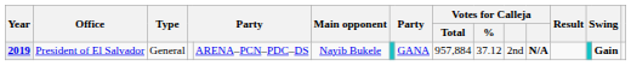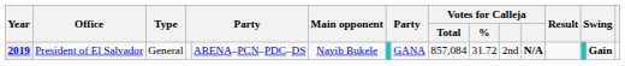 <table class="wikitable" style="font-size:90%; text-align:center;">
 <tr>
 <th rowspan="2">Year</th>
 <th rowspan="2">Office</th>
 <th rowspan="2">Type</th>
 <th colspan="2" rowspan="2">Party</th>
 <th rowspan="2">Main opponent</th>
 <th colspan="2" rowspan="2">Party</th>
 <th colspan="4">Votes for Calleja</th>
 <th rowspan="2">Result</th>
 <th colspan="2" rowspan="2">Swing</th>
 <th rowspan="2"></th>
 </tr>
 <tr>
 <th>Total</th>
 <th>%</th>
 <th></th>
 <th></th>
 </tr>
 <tr>
 <th style="background-color:#EAECF0;"><a href='#'>2019</a></th>
 <td><a href='#'>President of El Salvador</a></td>
 <td>General</td>
 <td style="background-color:"></td>
 <td><a href='#'>ARENA</a>–<a href='#'>PCN</a>–<a href='#'>PDC</a>–<a href='#'>DS</a></td>
 <td><a href='#'>Nayib Bukele</a></td>
 <td style="background-color:#13C3C6;"></td>
 <td><a href='#'>GANA</a></td>
-<td>957,884</td>
-<td>37.12</td>
+<td>857,084</td>
+<td>31.72</td>
 <td>2nd</td>
 <td><strong>N/A</strong></td>
 <td></td>
 <td style="background-color:#13C3C6;"></td>
 <td><strong>Gain</strong></td>
 <td></td>
 </tr>
 </table>
